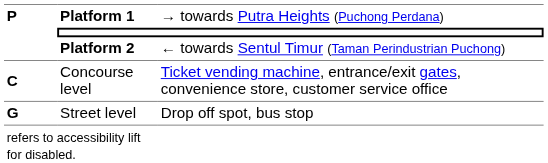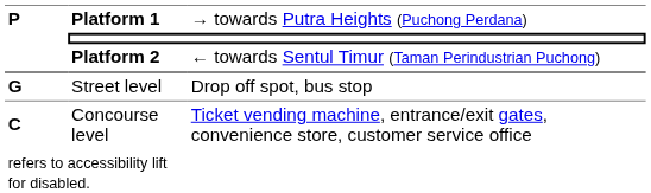 <table border="0" cellspacing="0" cellpadding="3" table>
 <tr>
 <td rowspan="3" style="width:50px; border-top:solid 1px gray; border-bottom:solid 1px gray; vertical-align:top;"><strong>P</strong></td>
 <td style="border-top:solid 1px gray;color:#"><strong>Platform 1</strong></td>
 <td style="border-top:solid 1px gray;"><strong>→</strong>    towards <a href='#'>Putra Heights</a> <small>(<a href='#'>Puchong Perdana</a>)</small></td>
 </tr>
 <tr>
 <td colspan="2" style="border-top:solid 2px black; border-right:solid 2px black; border-left:solid 2px black; border-bottom:solid 2px black; text-align:center;"> </td>
 </tr>
 <tr>
 <td style="border-bottom:solid 1px gray;color:#"><strong>Platform 2</strong></td>
 <td style="border-bottom:solid 1px gray;">←     towards <a href='#'>Sentul Timur</a> <small>(<a href='#'>Taman Perindustrian Puchong</a>)</small></td>
 </tr>
 <tr>
+<td style="width:50px; border-top:solid 1px gray; border-bottom:solid 1px gray; vertical-align:top;"><strong>G</strong></td>
+<td style="width:100px; border-top:solid 1px gray;border-bottom:solid 1px gray; vertical-align:top;">Street level</td>
+<td style="width:400px; border-top:solid 1px gray;border-bottom:solid 1px gray; vertical-align:top;">Drop off spot, bus stop </td>
+</tr>
+<tr>
 <td><strong>C</strong></td>
 <td>Concourse level</td>
 <td><a href='#'>Ticket vending machine</a>, entrance/exit <a href='#'>gates</a>, convenience store, customer service office </td>
-</tr>
-<tr>
-<td style="width:50px; border-top:solid 1px gray; border-bottom:solid 1px gray; vertical-align:top;"><strong>G</strong></td>
-<td style="width:100px; border-top:solid 1px gray;border-bottom:solid 1px gray; vertical-align:top;">Street level</td>
-<td style="width:400px; border-top:solid 1px gray;border-bottom:solid 1px gray; vertical-align:top;">Drop off spot, bus stop </td>
 </tr>
 <tr>
 <td colspan="2"><small> refers to accessibility lift for disabled.</small></td>
 </tr>
 <tr>
 </tr>
 </table>
